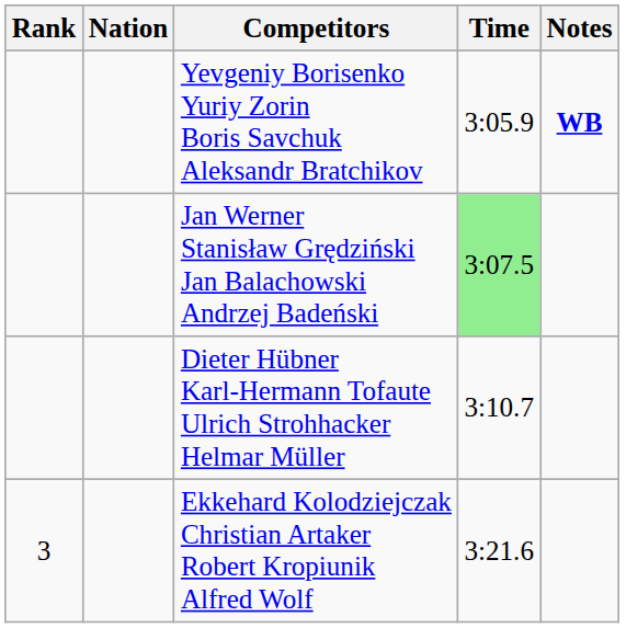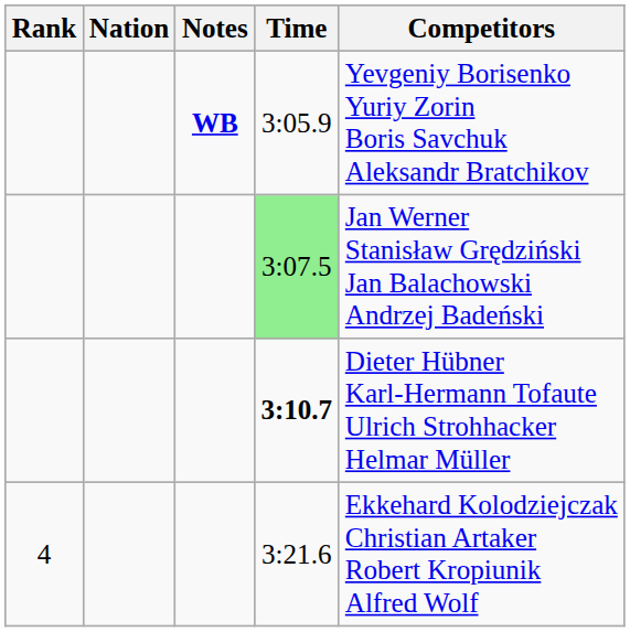 <table class="wikitable sortable" style="text-align:center; font-size:95%">
 <tr>
 <th>Rank</th>
 <th>Nation</th>
+<th>Notes</th>
+<th>Time</th>
 <th>Competitors</th>
-<th>Time</th>
-<th>Notes</th>
 </tr>
 <tr>
 <td></td>
 <td align=left></td>
+<td><strong><a href='#'>WB</a></strong></td>
+<td>3:05.9</td>
 <td align=left><a href='#'>Yevgeniy Borisenko</a><br><a href='#'>Yuriy Zorin</a><br><a href='#'>Boris Savchuk</a><br><a href='#'>Aleksandr Bratchikov</a></td>
-<td>3:05.9</td>
-<td><strong><a href='#'>WB</a></strong></td>
 </tr>
 <tr>
 <td></td>
 <td align=left></td>
+<td></td>
+<td style="background: lightgreen;">3:07.5</td>
 <td align=left><a href='#'>Jan Werner</a><br><a href='#'>Stanisław Grędziński</a><br><a href='#'>Jan Balachowski</a><br><a href='#'>Andrzej Badeński</a></td>
-<td style="background: lightgreen;">3:07.5</td>
-<td></td>
 </tr>
 <tr>
 <td></td>
 <td align=left></td>
+<td></td>
+<td><strong>3:10.7</strong></td>
 <td align=left><a href='#'>Dieter Hübner</a><br><a href='#'>Karl-Hermann Tofaute</a><br><a href='#'>Ulrich Strohhacker</a><br><a href='#'>Helmar Müller</a></td>
-<td>3:10.7</td>
-<td></td>
 </tr>
 <tr>
-<td>3</td>
+<td>4</td>
 <td align=left></td>
+<td></td>
+<td>3:21.6</td>
 <td align=left><a href='#'>Ekkehard Kolodziejczak</a><br><a href='#'>Christian Artaker</a><br><a href='#'>Robert Kropiunik</a><br><a href='#'>Alfred Wolf</a></td>
-<td>3:21.6</td>
-<td></td>
 </tr>
 </table>
